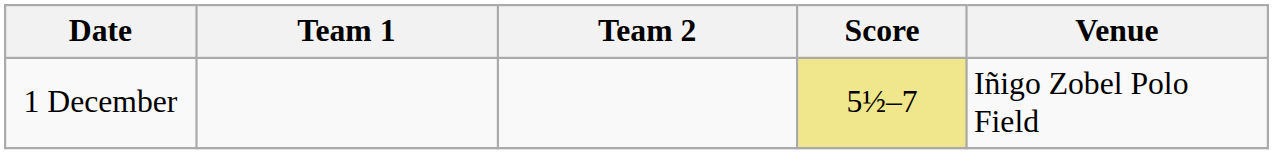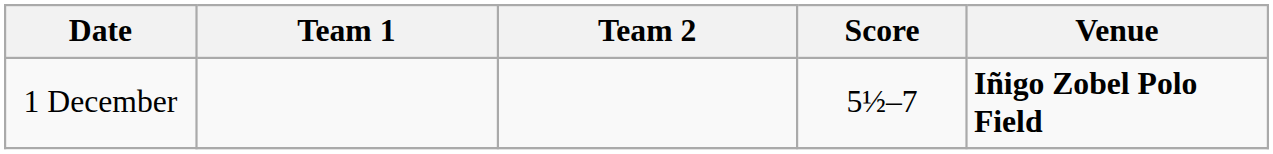 <table class="wikitable" style="font-size: 90%;">
 <tr>
 <th width="80">Date</th>
 <th width="130">Team 1</th>
 <th width="130">Team 2</th>
 <th width="70">Score</th>
 <th width="130">Venue</th>
 </tr>
 <tr>
 <td align="center" rowspan="2">1 December</td>
 <td></td>
 <td><strong></strong></td>
-<td align=center style="background: khaki;">5½–7 <br> </td>
-<td>Iñigo Zobel Polo Field</td>
+<td align=center>5½–7 <br> </td>
+<td><strong>Iñigo Zobel Polo Field</strong></td>
 </tr>
 <tr>
 </tr>
 </table>
